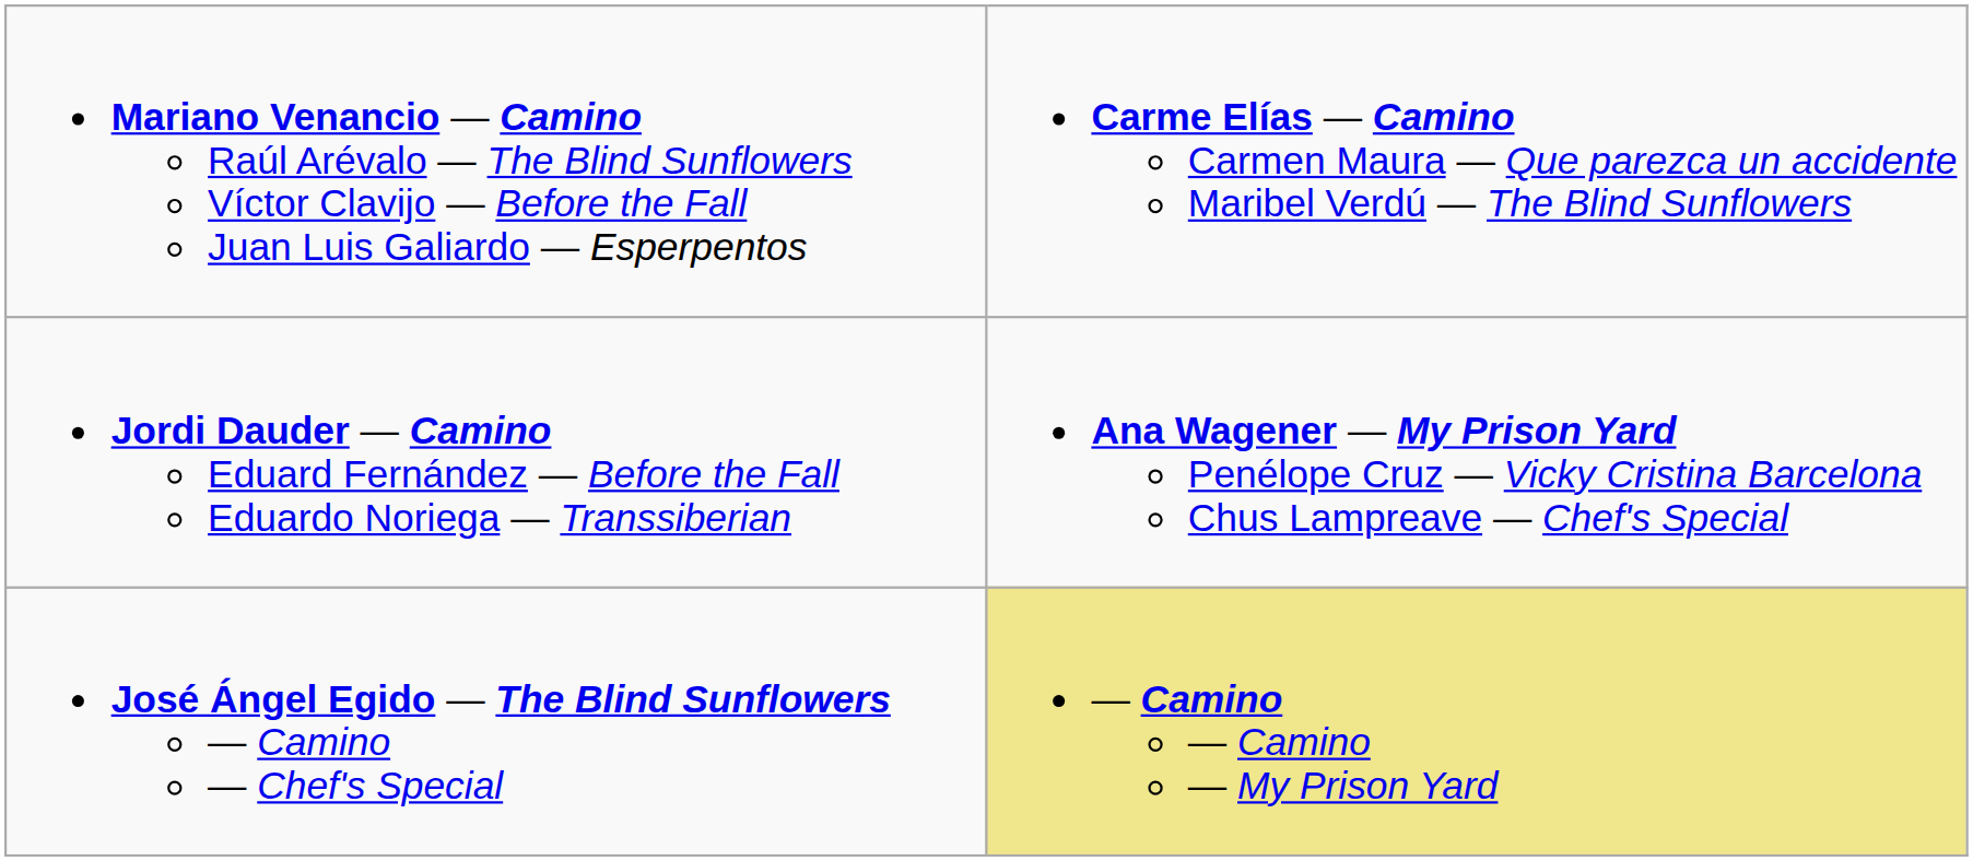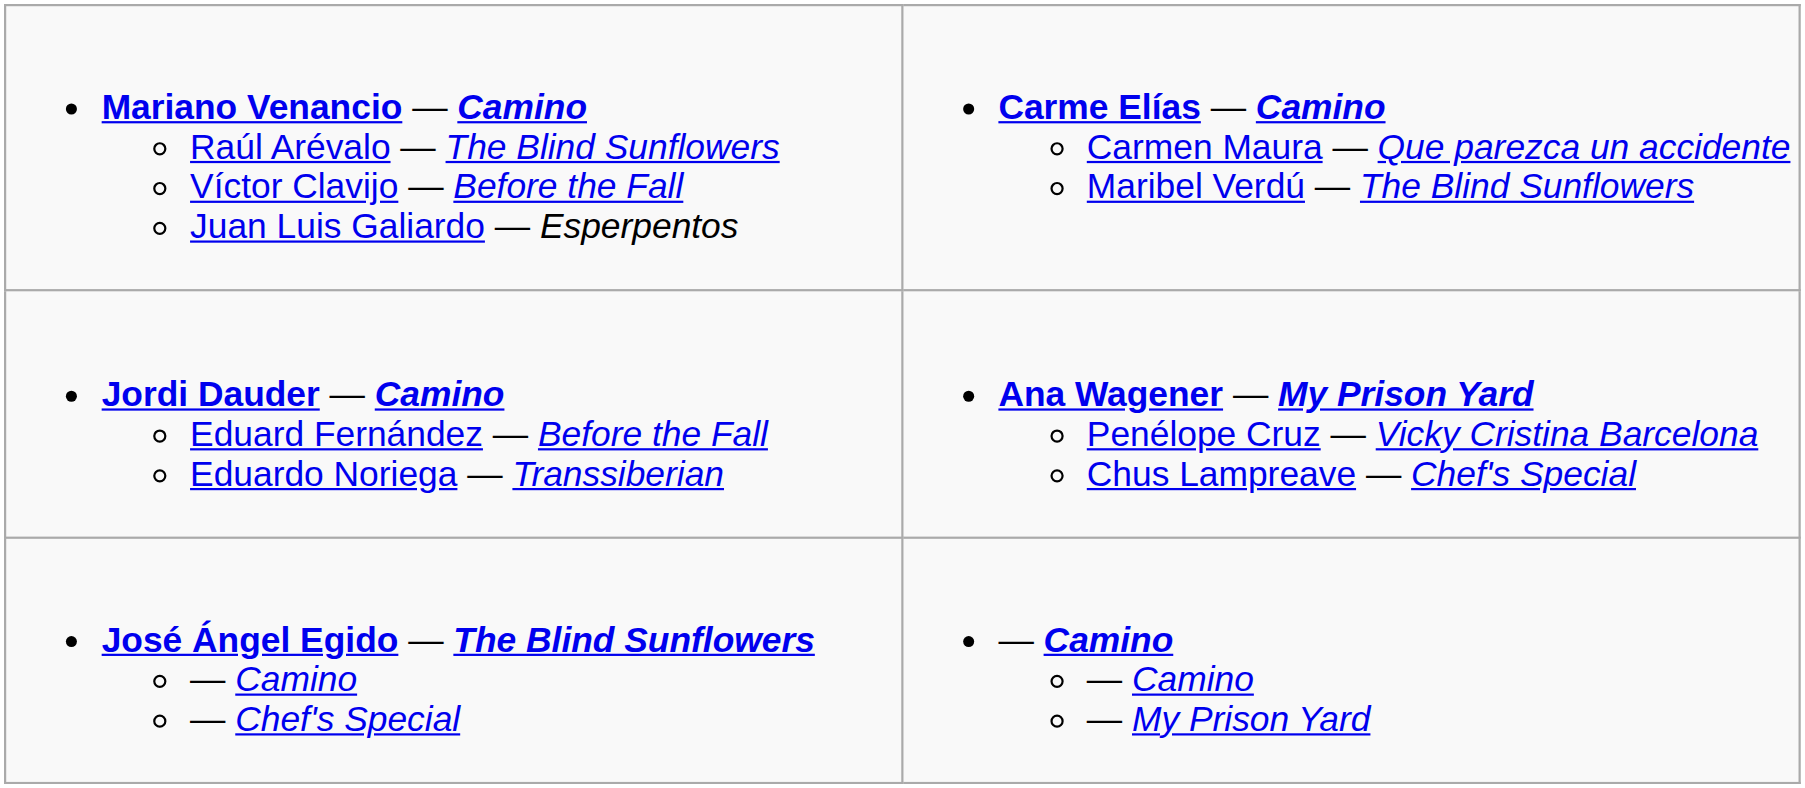 <table class=wikitable>
 <tr>
 <td style="vertical-align:top;" width="50%"><br><ul><li><strong><a href='#'>Mariano Venancio</a></strong> — <strong><em><a href='#'>Camino</a></em></strong><ul><li><a href='#'>Raúl Arévalo</a> — <em><a href='#'>The Blind Sunflowers</a></em></li><li><a href='#'>Víctor Clavijo</a> — <em><a href='#'>Before the Fall</a></em></li><li><a href='#'>Juan Luis Galiardo</a> — <em>Esperpentos</em></li></ul></li></ul></td>
 <td style="vertical-align:top;" width="50%"><br><ul><li><strong><a href='#'>Carme Elías</a></strong> — <strong><em><a href='#'>Camino</a></em></strong><ul><li><a href='#'>Carmen Maura</a> — <em><a href='#'>Que parezca un accidente</a></em></li><li><a href='#'>Maribel Verdú</a> — <em><a href='#'>The Blind Sunflowers</a></em></li></ul></li></ul></td>
 </tr>
 <tr>
 <td style="vertical-align:top;" width="50%"><br><ul><li><strong><a href='#'>Jordi Dauder</a></strong> — <strong><em><a href='#'>Camino</a></em></strong><ul><li><a href='#'>Eduard Fernández</a> — <em><a href='#'>Before the Fall</a></em></li><li><a href='#'>Eduardo Noriega</a> — <em><a href='#'>Transsiberian</a></em></li></ul></li></ul></td>
 <td style="vertical-align:top;" width="50%"><br><ul><li><strong><a href='#'>Ana Wagener</a></strong> — <strong><em><a href='#'>My Prison Yard</a></em></strong><ul><li><a href='#'>Penélope Cruz</a> — <em><a href='#'>Vicky Cristina Barcelona</a></em></li><li><a href='#'>Chus Lampreave</a> — <em><a href='#'>Chef's Special</a></em></li></ul></li></ul></td>
 </tr>
 <tr>
 <td style="vertical-align:top;" width="50%"><br><ul><li><strong><a href='#'>José Ángel Egido</a></strong> — <strong><em><a href='#'>The Blind Sunflowers</a></em></strong><ul><li> — <em><a href='#'>Camino</a></em></li><li> — <em><a href='#'>Chef's Special</a></em></li></ul></li></ul></td>
-<td style="background: khaki; vertical-align:top;" width="50%"><br><ul><li><strong></strong> — <strong><em><a href='#'>Camino</a></em></strong><ul><li> — <em><a href='#'>Camino</a></em></li><li> — <em><a href='#'>My Prison Yard</a></em></li></ul></li></ul></td>
+<td style="vertical-align:top;" width="50%"><br><ul><li><strong></strong> — <strong><em><a href='#'>Camino</a></em></strong><ul><li> — <em><a href='#'>Camino</a></em></li><li> — <em><a href='#'>My Prison Yard</a></em></li></ul></li></ul></td>
 </tr>
 </table>
